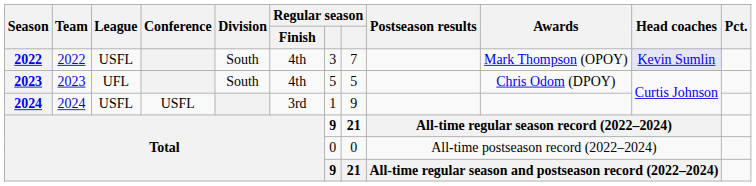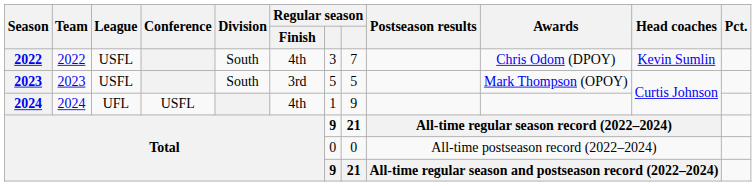 <table class="wikitable" style="text-align:center">
 <tr>
 <th rowspan="2">Season</th>
 <th rowspan="2">Team</th>
 <th rowspan="2">League</th>
 <th rowspan="2">Conference</th>
 <th rowspan="2">Division</th>
 <th colspan="3">Regular season</th>
 <th rowspan="2">Postseason results</th>
 <th rowspan="2">Awards</th>
 <th rowspan="2">Head coaches</th>
 <th rowspan="2">Pct.</th>
 </tr>
 <tr>
 <th>Finish</th>
 <th></th>
 <th></th>
 </tr>
 <tr>
 <th><a href='#'>2022</a></th>
 <td><a href='#'>2022</a></td>
 <td>USFL</td>
 <th></th>
 <td>South</td>
 <td bgcolor=>4th</td>
 <td bgcolor=>3</td>
 <td bgcolor=>7</td>
 <td bgcolor=></td>
-<td><a href='#'>Mark Thompson</a> (OPOY)</td>
-<td style="background: lavender;"><a href='#'>Kevin Sumlin</a></td>
+<td><a href='#'>Chris Odom</a> (DPOY)</td>
+<td><a href='#'>Kevin Sumlin</a></td>
 <td></td>
 </tr>
 <tr>
 <th><a href='#'>2023</a></th>
 <td><a href='#'>2023</a></td>
-<td>UFL</td>
+<td>USFL</td>
 <th></th>
 <td>South</td>
-<td>4th</td>
+<td bgcolor=>3rd</td>
 <td bgcolor=>5</td>
 <td bgcolor=>5</td>
 <td bgcolor=></td>
-<td><a href='#'>Chris Odom</a> (DPOY)</td>
+<td><a href='#'>Mark Thompson</a> (OPOY)</td>
 <td rowspan="2"><a href='#'>Curtis Johnson</a></td>
 <td></td>
 </tr>
 <tr>
 <th><a href='#'>2024</a></th>
 <td><a href='#'>2024</a></td>
-<td>USFL</td>
+<td>UFL</td>
 <td>USFL</td>
 <th></th>
-<td bgcolor=>3rd</td>
+<td>4th</td>
 <td>1</td>
 <td>9</td>
 <td></td>
 <td></td>
 <td></td>
 </tr>
 <tr>
 <th rowspan="3" colspan="6">Total</th>
 <td><strong>9</strong></td>
 <td><strong>21</strong></td>
 <th colspan="3">All-time regular season record (2022–2024)</th>
 <td></td>
 </tr>
 <tr>
 <td>0</td>
 <td>0</td>
 <td colspan="3">All-time postseason record (2022–2024)</td>
 <td></td>
 </tr>
 <tr>
 <th>9</th>
 <th>21</th>
 <th colspan="3">All-time regular season and postseason record (2022–2024)</th>
 <td></td>
 </tr>
 </table>
